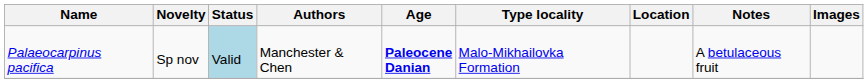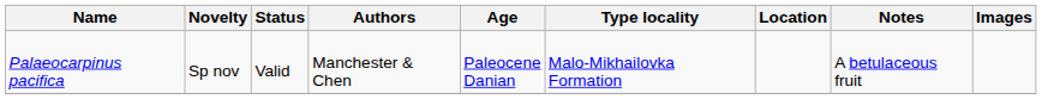 <table class="wikitable sortable" align="center" width="80%">
 <tr>
 <th>Name</th>
 <th>Novelty</th>
 <th>Status</th>
 <th>Authors</th>
 <th>Age</th>
 <th>Type locality</th>
 <th>Location</th>
 <th>Notes</th>
 <th>Images</th>
 </tr>
 <tr>
 <td><br><em><a href='#'>Palaeocarpinus pacifica</a></em></td>
 <td><br>Sp nov</td>
-<td style="background: lightblue;"><br>Valid</td>
+<td><br>Valid</td>
 <td><br>Manchester & Chen</td>
-<td><strong><br><a href='#'>Paleocene</a><br><a href='#'>Danian</a></strong></td>
+<td><br><a href='#'>Paleocene</a><br><a href='#'>Danian</a></td>
 <td><br><a href='#'>Malo-Mikhailovka Formation</a></td>
 <td><br></td>
 <td><br>A <a href='#'>betulaceous</a> fruit</td>
 <td></td>
 </tr>
 <tr>
 </tr>
 </table>
